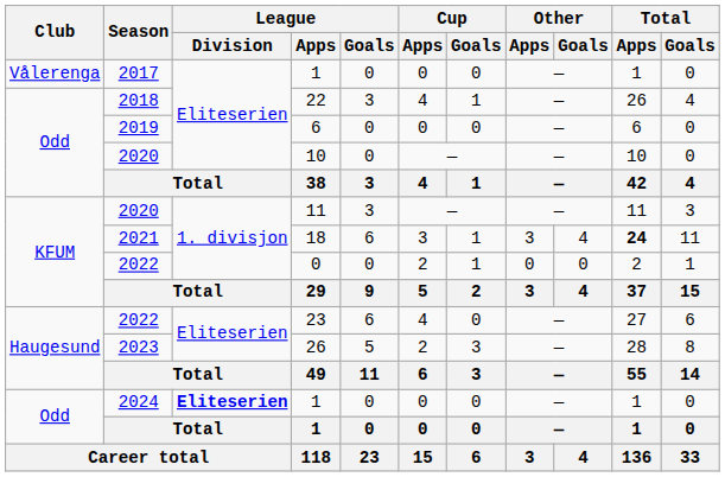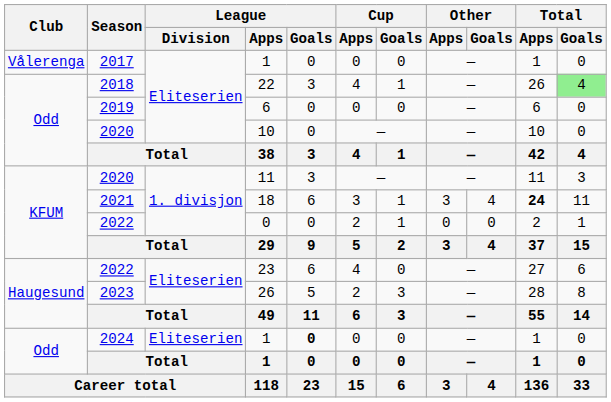 <table class="wikitable" style="text-align: center;">
 <tr>
 <th rowspan="2">Club</th>
 <th rowspan="2">Season</th>
 <th colspan="3">League</th>
 <th colspan="2">Cup</th>
 <th colspan="2">Other</th>
 <th colspan="2">Total</th>
 </tr>
 <tr>
 <th>Division</th>
 <th>Apps</th>
 <th>Goals</th>
 <th>Apps</th>
 <th>Goals</th>
 <th>Apps</th>
 <th>Goals</th>
 <th>Apps</th>
 <th>Goals</th>
 </tr>
 <tr>
 <td><a href='#'>Vålerenga</a></td>
 <td><a href='#'>2017</a></td>
 <td rowspan="4"><a href='#'>Eliteserien</a></td>
 <td>1</td>
 <td>0</td>
 <td>0</td>
 <td>0</td>
 <td colspan="2">—</td>
 <td>1</td>
 <td>0</td>
 </tr>
 <tr>
 <td rowspan="4"><a href='#'>Odd</a></td>
 <td><a href='#'>2018</a></td>
 <td>22</td>
 <td>3</td>
 <td>4</td>
 <td>1</td>
 <td colspan="2">—</td>
 <td>26</td>
-<td>4</td>
+<td style="background: lightgreen;">4</td>
 </tr>
 <tr>
 <td><a href='#'>2019</a></td>
 <td>6</td>
 <td>0</td>
 <td>0</td>
 <td>0</td>
 <td colspan="2">—</td>
 <td>6</td>
 <td>0</td>
 </tr>
 <tr>
 <td><a href='#'>2020</a></td>
 <td>10</td>
 <td>0</td>
 <td colspan="2">—</td>
 <td colspan="2">—</td>
 <td>10</td>
 <td>0</td>
 </tr>
 <tr>
 <th colspan="2">Total</th>
 <th>38</th>
 <th>3</th>
 <th>4</th>
 <th>1</th>
 <th colspan="2">—</th>
 <th>42</th>
 <th>4</th>
 </tr>
 <tr>
 <td rowspan="4"><a href='#'>KFUM</a></td>
 <td><a href='#'>2020</a></td>
 <td rowspan="3"><a href='#'>1. divisjon</a></td>
 <td>11</td>
 <td>3</td>
 <td colspan="2">—</td>
 <td colspan="2">—</td>
 <td>11</td>
 <td>3</td>
 </tr>
 <tr>
 <td><a href='#'>2021</a></td>
 <td>18</td>
 <td>6</td>
 <td>3</td>
 <td>1</td>
 <td>3</td>
 <td>4</td>
 <td><strong>24</strong></td>
 <td>11</td>
 </tr>
 <tr>
 <td><a href='#'>2022</a></td>
 <td>0</td>
 <td>0</td>
 <td>2</td>
 <td>1</td>
 <td>0</td>
 <td>0</td>
 <td>2</td>
 <td>1</td>
 </tr>
 <tr>
 <th colspan="2">Total</th>
 <th>29</th>
 <th>9</th>
 <th>5</th>
 <th>2</th>
 <th>3</th>
 <th>4</th>
 <th>37</th>
 <th>15</th>
 </tr>
 <tr>
 <td rowspan="3"><a href='#'>Haugesund</a></td>
 <td><a href='#'>2022</a></td>
 <td rowspan="2"><a href='#'>Eliteserien</a></td>
 <td>23</td>
 <td>6</td>
 <td>4</td>
 <td>0</td>
 <td colspan="2">—</td>
 <td>27</td>
 <td>6</td>
 </tr>
 <tr>
 <td><a href='#'>2023</a></td>
 <td>26</td>
 <td>5</td>
 <td>2</td>
 <td>3</td>
 <td colspan="2">—</td>
 <td>28</td>
 <td>8</td>
 </tr>
 <tr>
 <th colspan="2">Total</th>
 <th>49</th>
 <th>11</th>
 <th>6</th>
 <th>3</th>
 <th colspan="2">—</th>
 <th>55</th>
 <th>14</th>
 </tr>
 <tr>
 <td rowspan="2"><a href='#'>Odd</a></td>
 <td><a href='#'>2024</a></td>
-<td rowspan="1"><strong><a href='#'>Eliteserien</a></strong></td>
+<td rowspan="1"><a href='#'>Eliteserien</a></td>
 <td>1</td>
-<td>0</td>
+<td><strong>0</strong></td>
 <td>0</td>
 <td>0</td>
 <td colspan="2">—</td>
 <td>1</td>
 <td>0</td>
 </tr>
 <tr>
 <th colspan="2">Total</th>
 <th>1</th>
 <th>0</th>
 <th>0</th>
 <th>0</th>
 <th colspan="2">—</th>
 <th>1</th>
 <th>0</th>
 </tr>
 <tr>
 <th colspan="3">Career total</th>
 <th>118</th>
 <th>23</th>
 <th>15</th>
 <th>6</th>
 <th>3</th>
 <th>4</th>
 <th>136</th>
 <th>33</th>
 </tr>
 </table>
